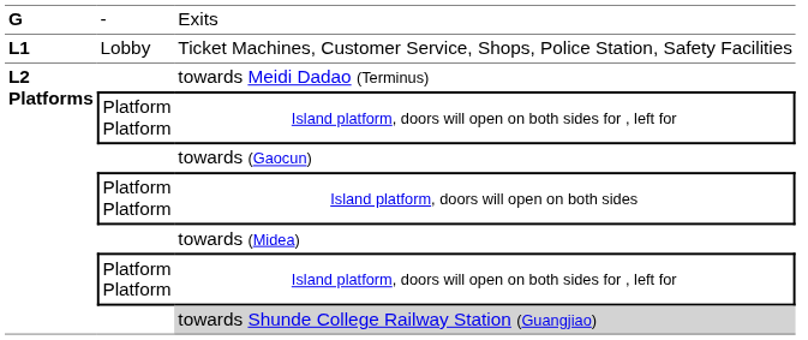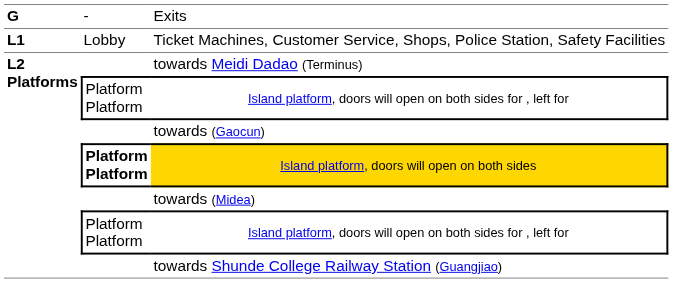 <table cellspacing="0" cellpadding="3" border="0">
 <tr>
 <td style="border-top:solid 1px gray;" valign="top"><strong>G</strong></td>
 <td style="border-top:solid 1px gray;" valign="top">-</td>
 <td style="border-top:solid 1px gray;" valign="top">Exits</td>
 </tr>
 <tr>
 <td style="border-bottom:solid 1px gray; border-top:solid 1px gray;" valign="top"><strong>L1</strong></td>
 <td style="border-bottom:solid 1px gray; border-top:solid 1px gray;" valign="top">Lobby</td>
 <td style="border-bottom:solid 1px gray; border-top:solid 1px gray;" valign="top">Ticket Machines, Customer Service, Shops, Police Station, Safety Facilities</td>
 </tr>
 <tr>
 <td rowspan="7" style="border-bottom:solid 1px gray;" valign="top"><strong>L2<br>Platforms</strong></td>
 <td></td>
 <td>   towards <a href='#'>Meidi Dadao</a> <small>(Terminus)</small></td>
 </tr>
 <tr>
 <td style="border-left:solid 2px black;border-top:solid 2px black;border-bottom:solid 2px black;text-align:left;">Platform  <br>Platform </td>
 <td style="border-right:solid 2px black;border-top:solid 2px black;border-bottom:solid 2px black;text-align:center;"><small><a href='#'>Island platform</a>, doors will open on both sides for  , left for  </small></td>
 </tr>
 <tr>
 <td></td>
 <td>   towards  <small>(<a href='#'>Gaocun</a>)</small></td>
 </tr>
 <tr>
-<td style="border-left:solid 2px black;border-top:solid 2px black;border-bottom:solid 2px black;text-align:left;">Platform  <br>Platform </td>
-<td style="border-right:solid 2px black;border-bottom:solid 2px black;border-top:solid 2px black;text-align:center;"><small><a href='#'>Island platform</a>, doors will open on both sides</small></td>
+<td style="border-left:solid 2px black;border-top:solid 2px black;border-bottom:solid 2px black;text-align:left;"><strong>Platform  <br>Platform </strong></td>
+<td style="background: gold; border-right:solid 2px black;border-bottom:solid 2px black;border-top:solid 2px black;text-align:center;"><small><a href='#'>Island platform</a>, doors will open on both sides</small></td>
 </tr>
 <tr>
 <td></td>
 <td>  towards  <small>(<a href='#'>Midea</a>)</small> </td>
 </tr>
 <tr>
 <td style="border-left:solid 2px black;border-top:solid 2px black;border-bottom:solid 2px black;text-align:left;">Platform  <br>Platform </td>
 <td style="border-right:solid 2px black;border-top:solid 2px black;border-bottom:solid 2px black;text-align:center;"><small><a href='#'>Island platform</a>, doors will open on both sides for  , left for  </small></td>
 </tr>
 <tr>
 <td style="border-bottom:solid 1px gray;"></td>
-<td style="background: lightgrey; border-bottom:solid 1px gray;">  towards <a href='#'>Shunde College Railway Station</a> <small>(<a href='#'>Guangjiao</a>)</small> </td>
+<td style="border-bottom:solid 1px gray;">  towards <a href='#'>Shunde College Railway Station</a> <small>(<a href='#'>Guangjiao</a>)</small> </td>
 </tr>
 </table>
